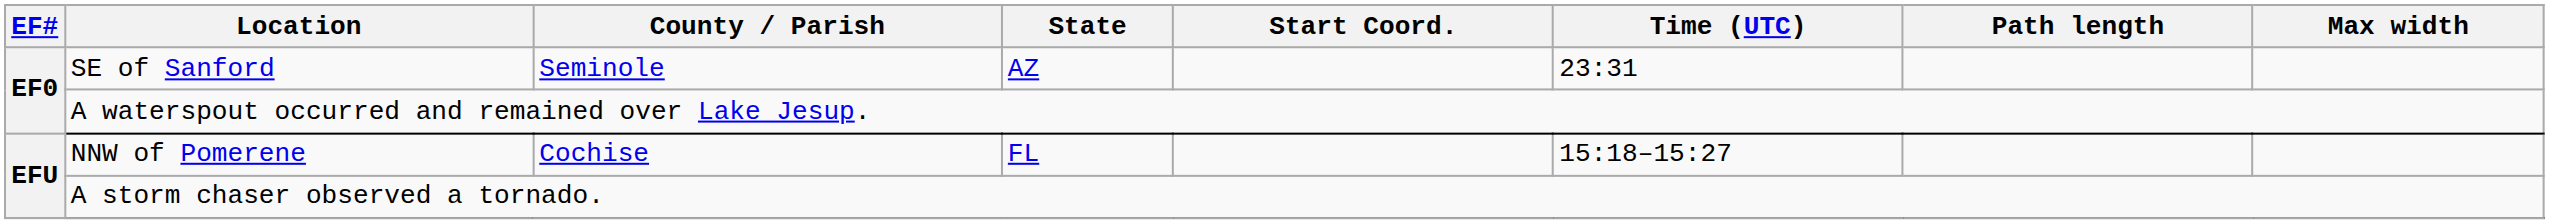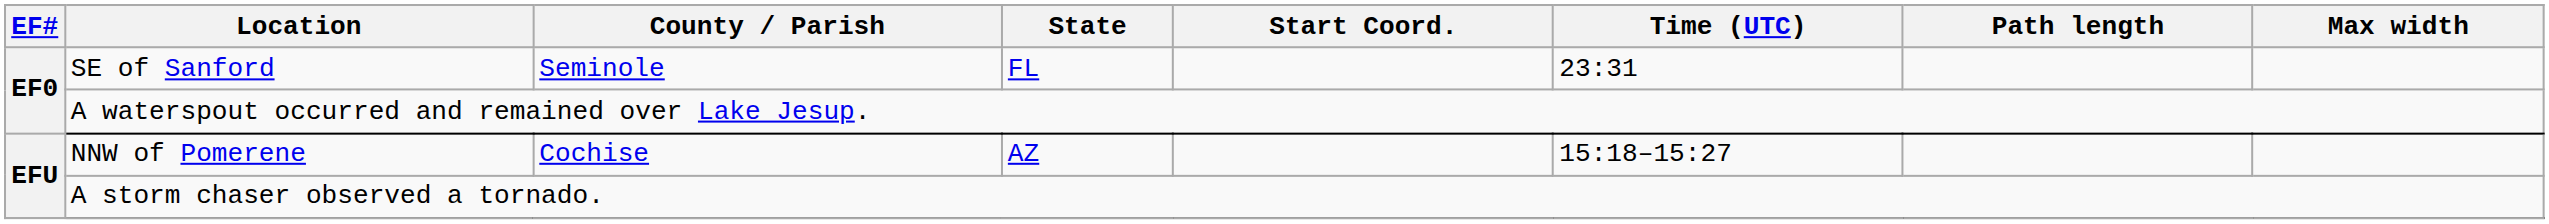 <table class="wikitable sortable" style="width:100%;">
 <tr>
 <th scope="col" width="2%" align="center"><a href='#'>EF#</a></th>
 <th scope="col" align="center" class="unsortable">Location</th>
 <th scope="col" align="center" class="unsortable">County / Parish</th>
 <th scope="col" align="center">State</th>
 <th scope="col" align="center">Start Coord.</th>
 <th scope="col" align="center">Time (<a href='#'>UTC</a>)</th>
 <th scope="col" align="center">Path length</th>
 <th scope="col" align="center">Max width</th>
 </tr>
 <tr>
 <th scope="row" rowspan="2" style="background-color:#">EF0</th>
 <td>SE of <a href='#'>Sanford</a></td>
 <td><a href='#'>Seminole</a></td>
-<td><a href='#'>AZ</a></td>
+<td><a href='#'>FL</a></td>
 <td></td>
 <td>23:31</td>
 <td></td>
 <td></td>
 </tr>
 <tr class="expand-child">
 <td colspan="8" style=" border-bottom: 1px solid black;">A waterspout occurred and remained over <a href='#'>Lake Jesup</a>.</td>
 </tr>
 <tr>
 <th scope="row" rowspan="2" style="background-color:#">EFU</th>
 <td>NNW of <a href='#'>Pomerene</a></td>
 <td><a href='#'>Cochise</a></td>
-<td><a href='#'>FL</a></td>
+<td><a href='#'>AZ</a></td>
 <td></td>
 <td>15:18–15:27</td>
 <td></td>
 <td></td>
 </tr>
 <tr class="expand-child">
 <td colspan="8" style=" border-bottom: 1px solid black;">A storm chaser observed a tornado.</td>
 </tr>
 <tr>
 </tr>
 </table>
